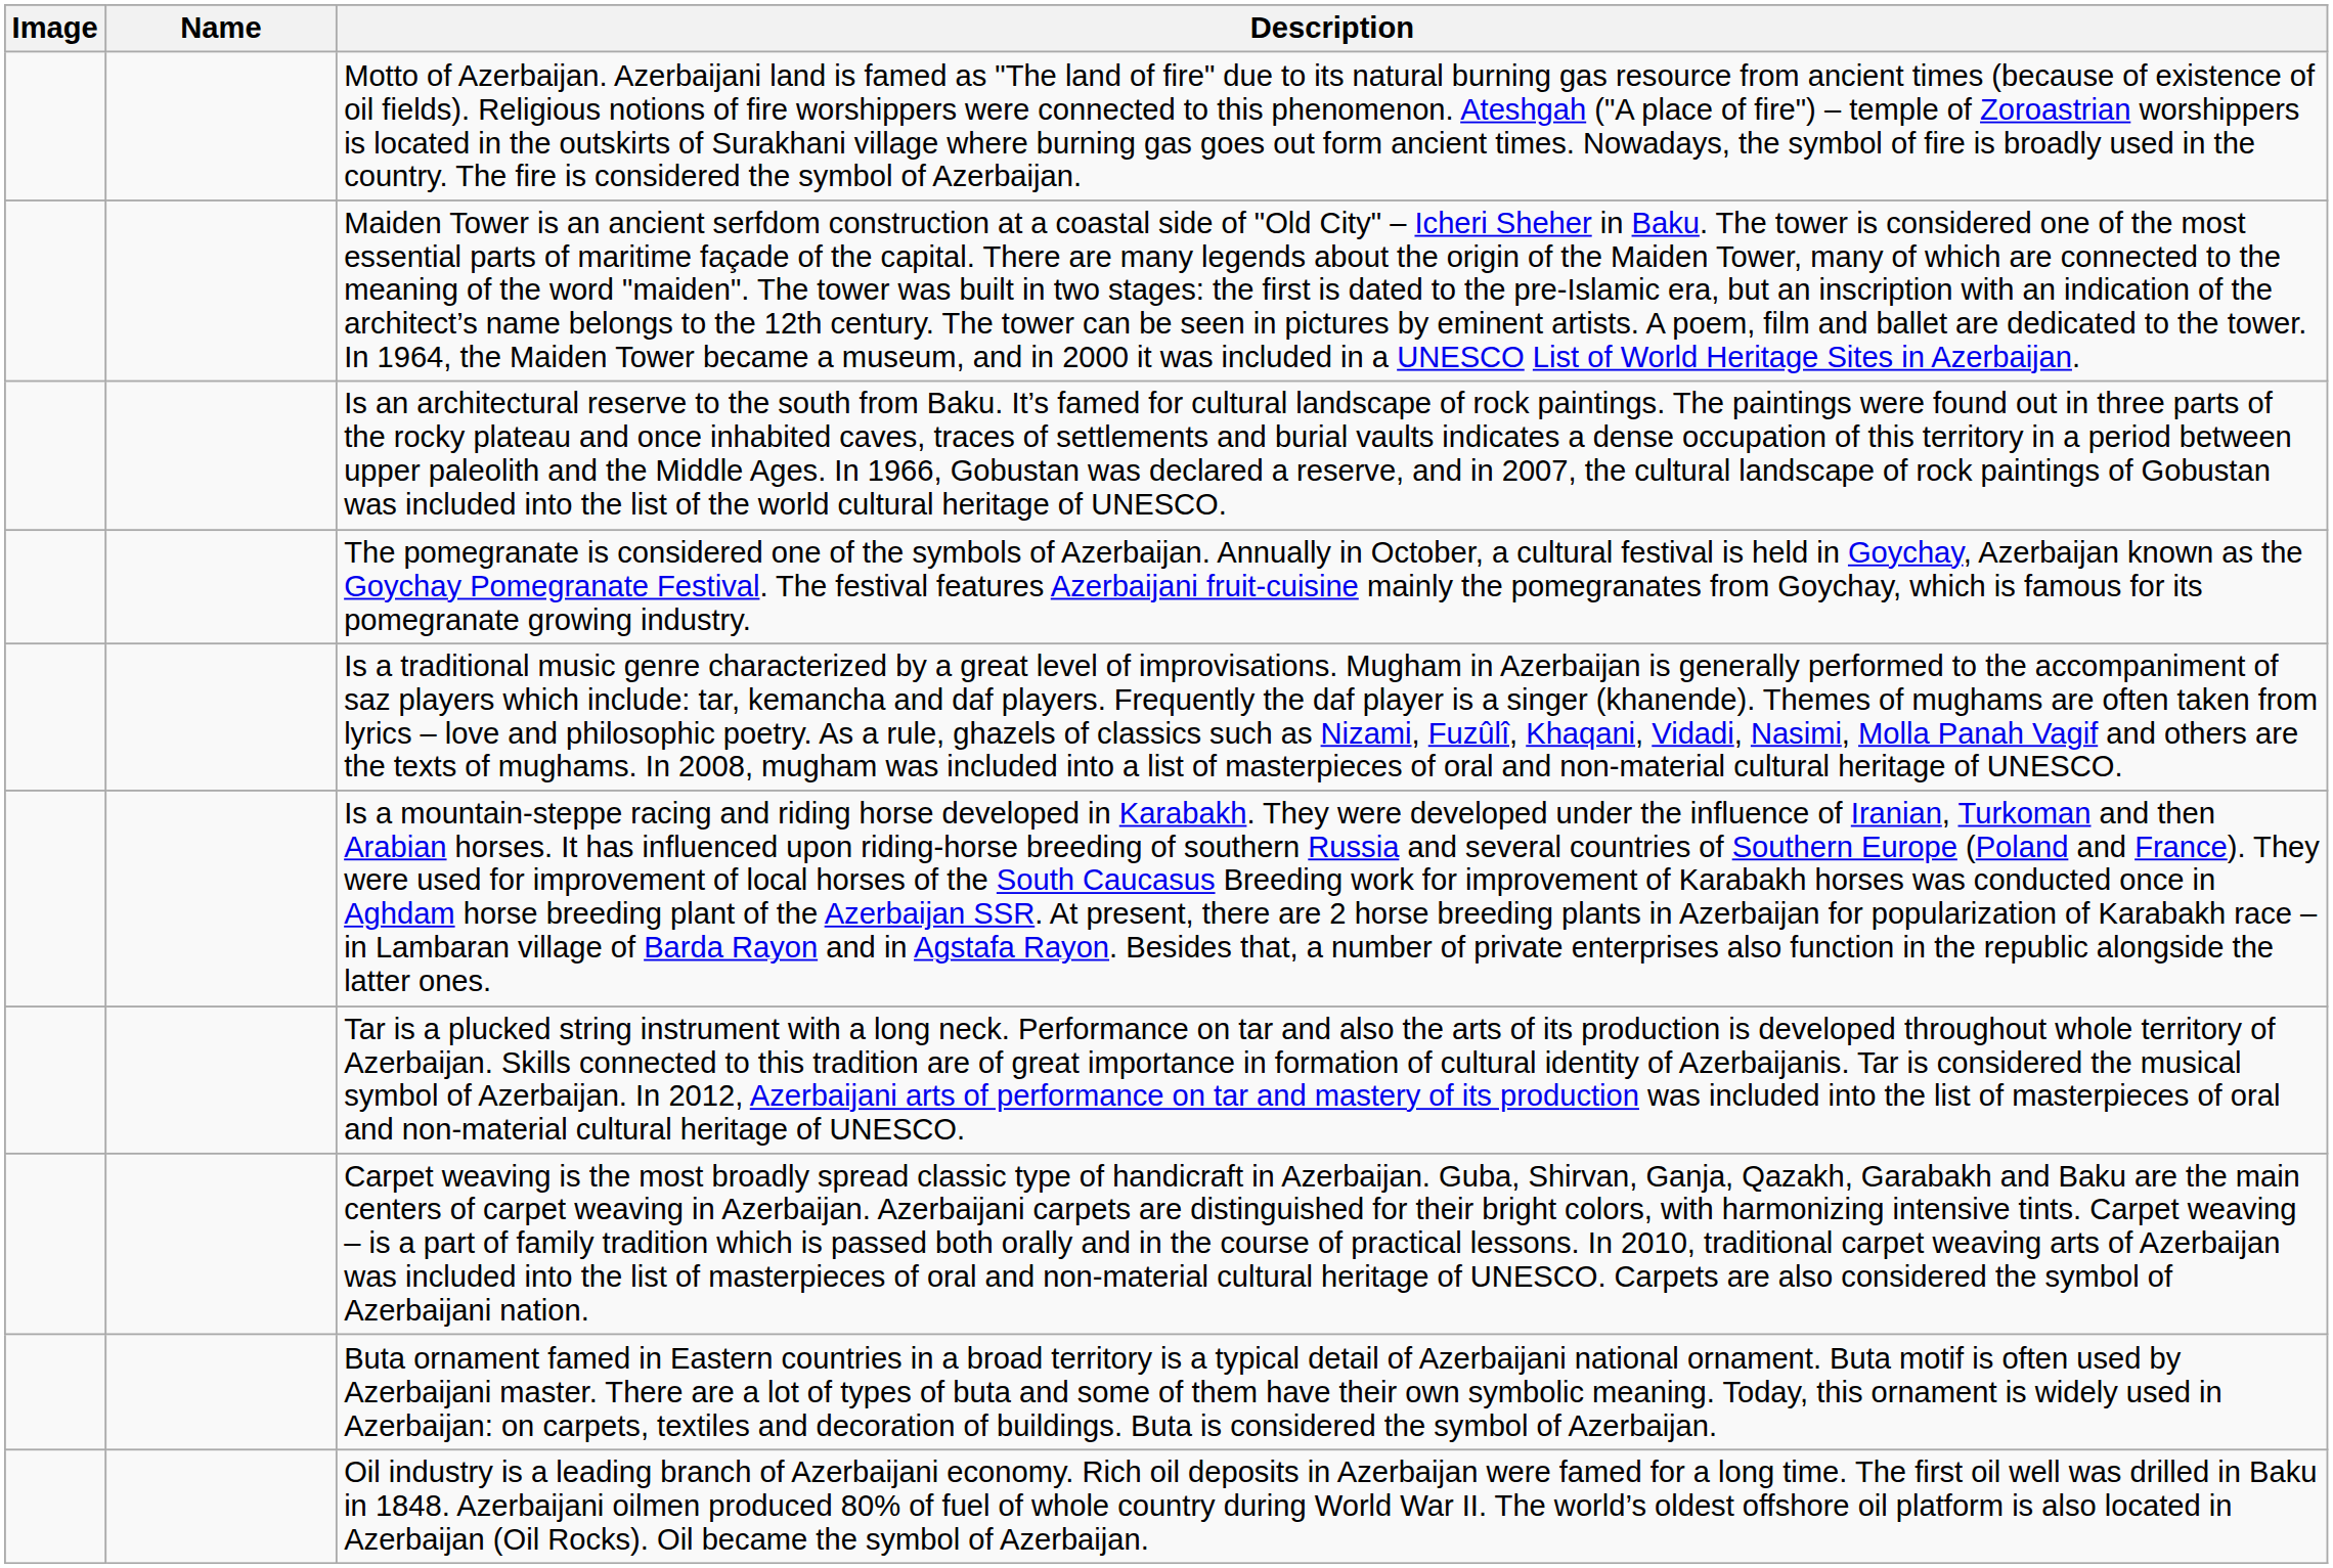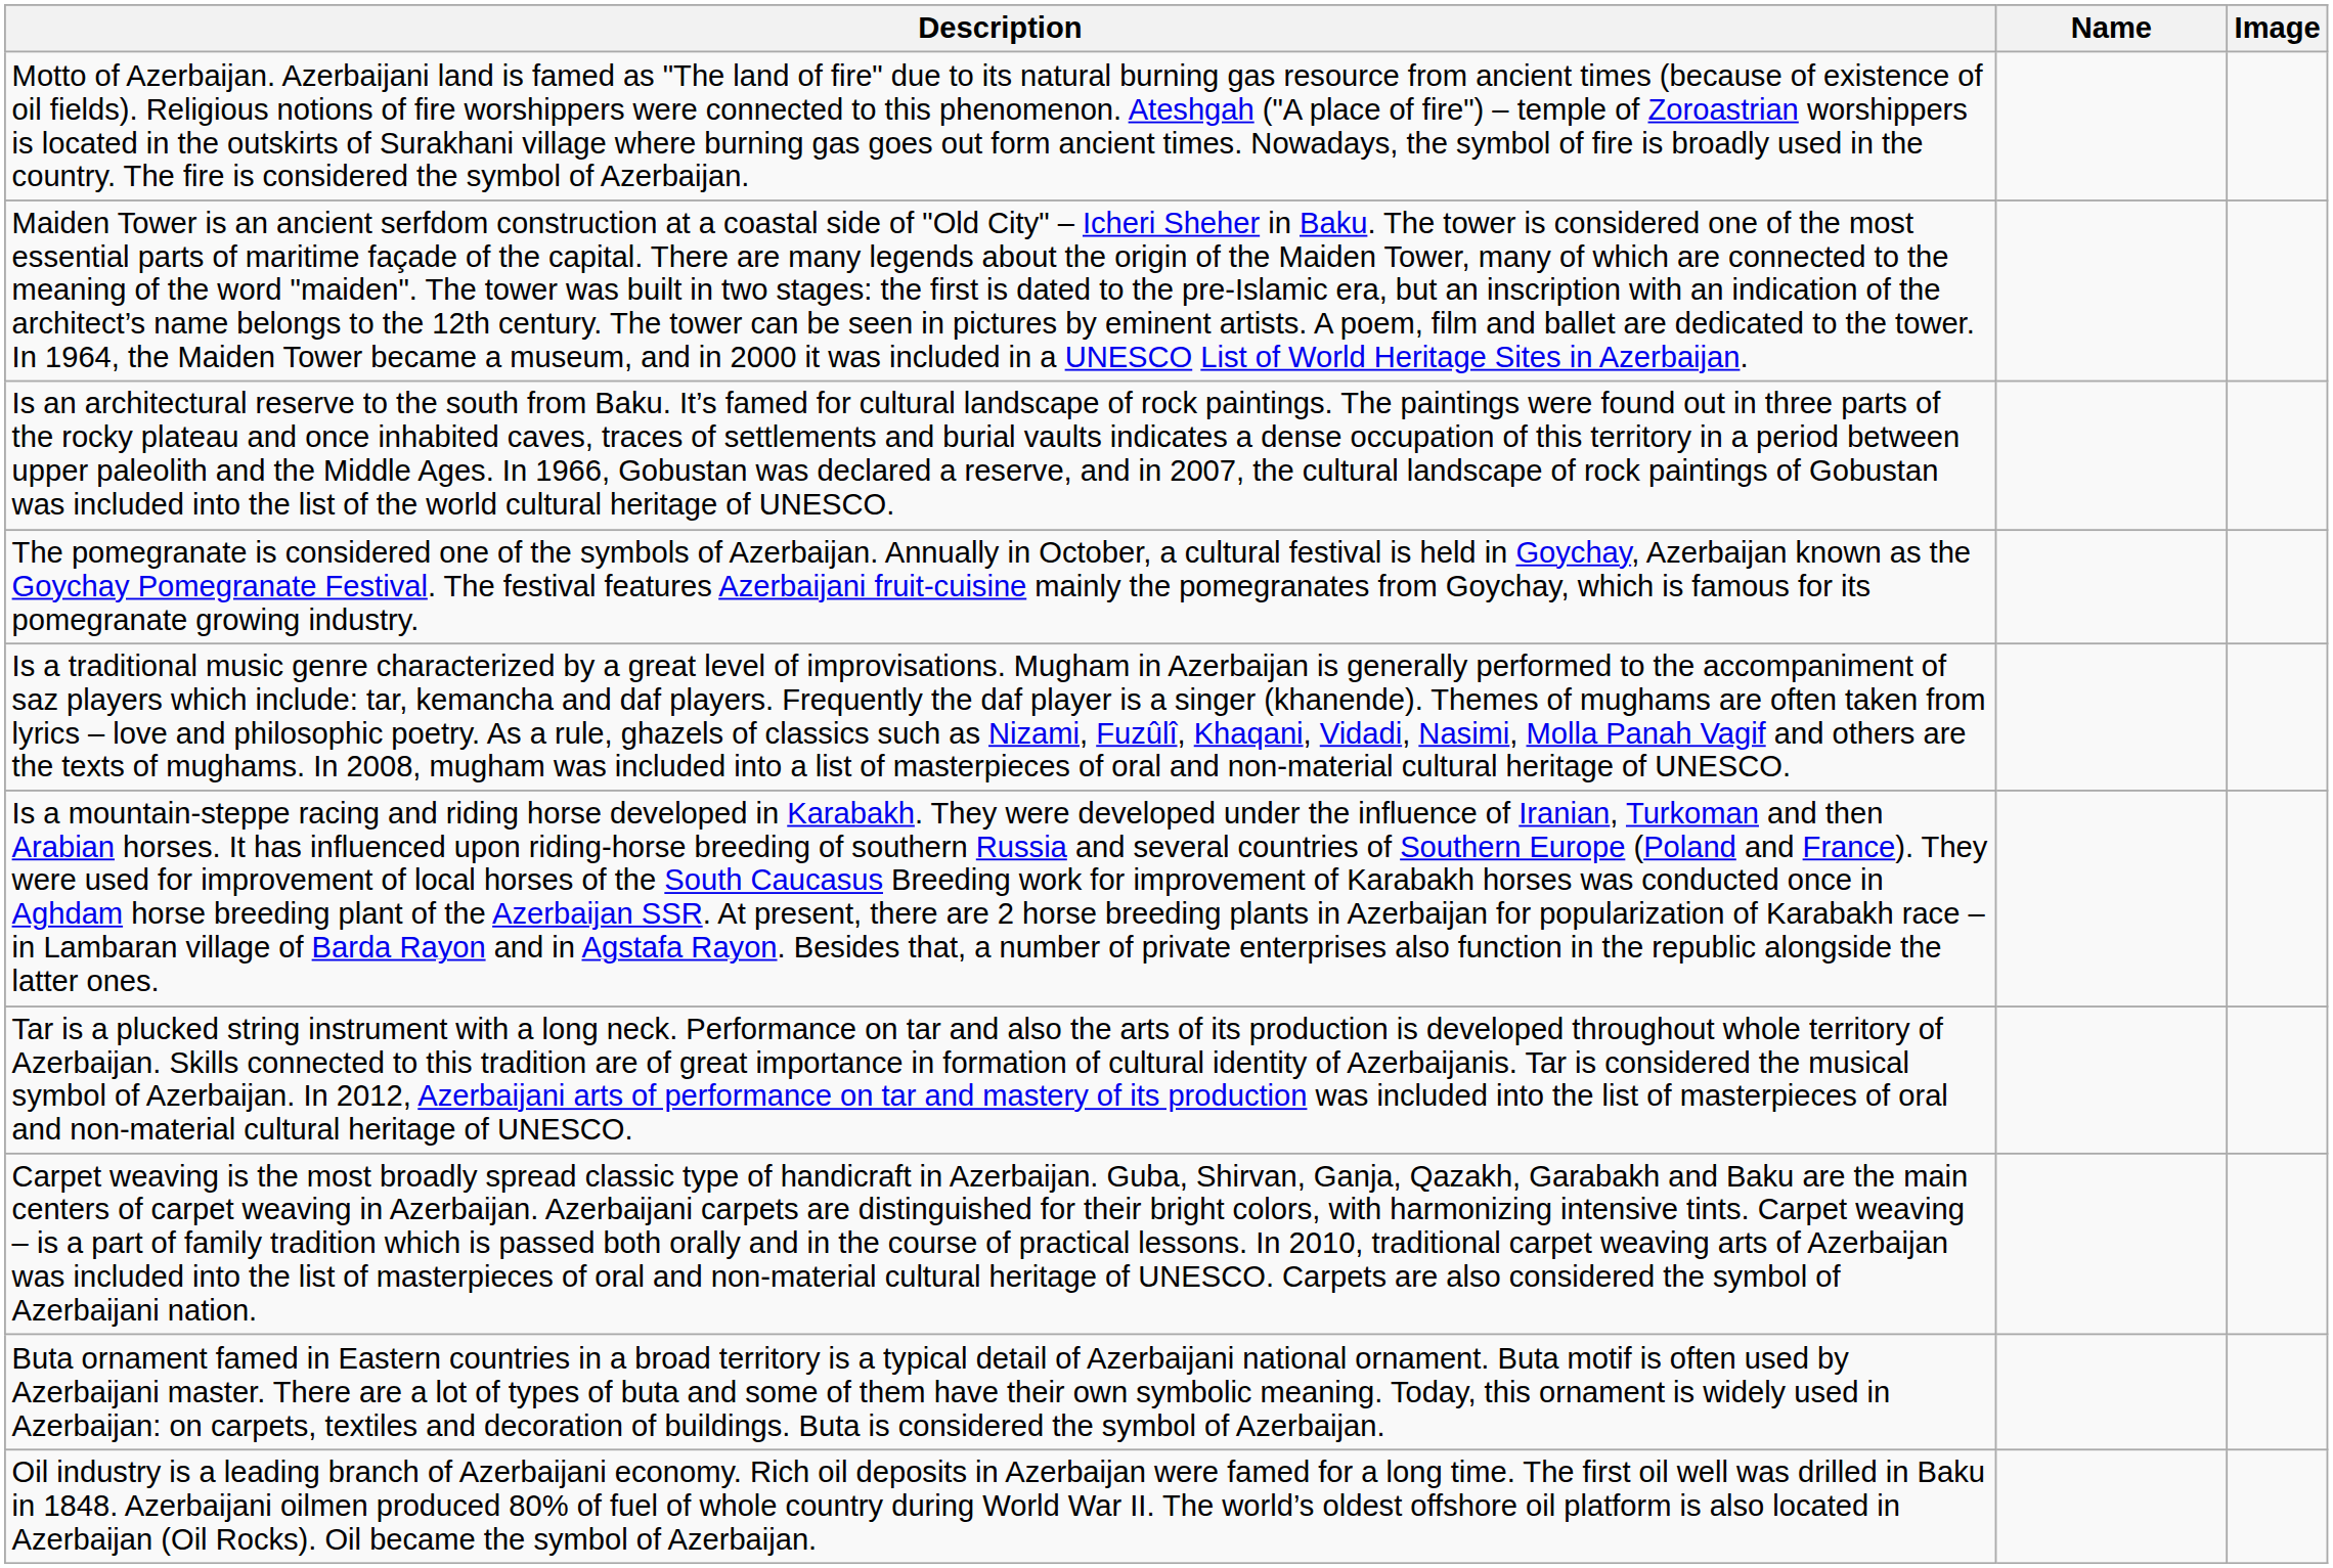 <table class="wikitable">
 <tr>
+<th>Description</th>
+<th width=10%>Name</th>
 <th>Image</th>
-<th width=10%>Name</th>
-<th>Description</th>
 </tr>
 <tr>
+<td>Motto of Azerbaijan. Azerbaijani land is famed as "The land of fire" due to its natural burning gas resource from ancient times (because of existence of oil fields). Religious notions of fire worshippers were connected to this phenomenon. <a href='#'>Ateshgah</a> ("A place of fire") – temple of <a href='#'>Zoroastrian</a> worshippers is located in the outskirts of Surakhani village where burning gas goes out form ancient times. Nowadays, the symbol of fire is broadly used in the country. The fire is considered the symbol of Azerbaijan.</td>
 <td></td>
 <td></td>
-<td>Motto of Azerbaijan. Azerbaijani land is famed as "The land of fire" due to its natural burning gas resource from ancient times (because of existence of oil fields). Religious notions of fire worshippers were connected to this phenomenon. <a href='#'>Ateshgah</a> ("A place of fire") – temple of <a href='#'>Zoroastrian</a> worshippers is located in the outskirts of Surakhani village where burning gas goes out form ancient times. Nowadays, the symbol of fire is broadly used in the country. The fire is considered the symbol of Azerbaijan.</td>
 </tr>
 <tr>
+<td>Maiden Tower is an ancient serfdom construction at a coastal side of "Old City" – <a href='#'>Icheri Sheher</a> in <a href='#'>Baku</a>. The tower is considered one of the most essential parts of maritime façade of the capital. There are many legends about the origin of the Maiden Tower, many of which are connected to the meaning of the word "maiden". The tower was built in two stages: the first is dated to the pre-Islamic era, but an inscription with an indication of the architect’s name belongs to the 12th century. The tower can be seen in pictures by eminent artists. A poem, film and ballet are dedicated to the tower. In 1964, the Maiden Tower became a museum, and in 2000 it was included in a <a href='#'>UNESCO</a> <a href='#'>List of World Heritage Sites in Azerbaijan</a>.</td>
 <td></td>
 <td></td>
-<td>Maiden Tower is an ancient serfdom construction at a coastal side of "Old City" – <a href='#'>Icheri Sheher</a> in <a href='#'>Baku</a>. The tower is considered one of the most essential parts of maritime façade of the capital. There are many legends about the origin of the Maiden Tower, many of which are connected to the meaning of the word "maiden". The tower was built in two stages: the first is dated to the pre-Islamic era, but an inscription with an indication of the architect’s name belongs to the 12th century. The tower can be seen in pictures by eminent artists. A poem, film and ballet are dedicated to the tower. In 1964, the Maiden Tower became a museum, and in 2000 it was included in a <a href='#'>UNESCO</a> <a href='#'>List of World Heritage Sites in Azerbaijan</a>.</td>
 </tr>
 <tr>
+<td>Is an architectural reserve to the south from Baku. It’s famed for cultural landscape of rock paintings. The paintings were found out in three parts of the rocky plateau and once inhabited caves, traces of settlements and burial vaults indicates a dense occupation of this territory in a period between upper paleolith and the Middle Ages. In 1966, Gobustan was declared a reserve, and in 2007, the cultural landscape of rock paintings of Gobustan was included into the list of the world cultural heritage of UNESCO.</td>
 <td></td>
 <td></td>
-<td>Is an architectural reserve to the south from Baku. It’s famed for cultural landscape of rock paintings. The paintings were found out in three parts of the rocky plateau and once inhabited caves, traces of settlements and burial vaults indicates a dense occupation of this territory in a period between upper paleolith and the Middle Ages. In 1966, Gobustan was declared a reserve, and in 2007, the cultural landscape of rock paintings of Gobustan was included into the list of the world cultural heritage of UNESCO.</td>
 </tr>
 <tr>
+<td>The pomegranate is considered one of the symbols of Azerbaijan. Annually in October, a cultural festival is held in <a href='#'>Goychay</a>, Azerbaijan known as the <a href='#'>Goychay Pomegranate Festival</a>. The festival features <a href='#'>Azerbaijani fruit-cuisine</a> mainly the pomegranates from Goychay, which is famous for its pomegranate growing industry.</td>
 <td></td>
 <td></td>
-<td>The pomegranate is considered one of the symbols of Azerbaijan. Annually in October, a cultural festival is held in <a href='#'>Goychay</a>, Azerbaijan known as the <a href='#'>Goychay Pomegranate Festival</a>. The festival features <a href='#'>Azerbaijani fruit-cuisine</a> mainly the pomegranates from Goychay, which is famous for its pomegranate growing industry.</td>
 </tr>
 <tr>
+<td>Is a traditional music genre characterized by a great level of improvisations. Mugham in Azerbaijan is generally performed to the accompaniment of saz players which include: tar, kemancha and daf players. Frequently the daf player is a singer (khanende). Themes of mughams are often taken from lyrics – love and philosophic poetry. As a rule, ghazels of classics such as <a href='#'>Nizami</a>, <a href='#'>Fuzûlî</a>, <a href='#'>Khaqani</a>, <a href='#'>Vidadi</a>, <a href='#'>Nasimi</a>, <a href='#'>Molla Panah Vagif</a> and others are the texts of mughams. In 2008, mugham was included into a list of masterpieces of oral and non-material cultural heritage of UNESCO.</td>
 <td></td>
 <td></td>
-<td>Is a traditional music genre characterized by a great level of improvisations. Mugham in Azerbaijan is generally performed to the accompaniment of saz players which include: tar, kemancha and daf players. Frequently the daf player is a singer (khanende). Themes of mughams are often taken from lyrics – love and philosophic poetry. As a rule, ghazels of classics such as <a href='#'>Nizami</a>, <a href='#'>Fuzûlî</a>, <a href='#'>Khaqani</a>, <a href='#'>Vidadi</a>, <a href='#'>Nasimi</a>, <a href='#'>Molla Panah Vagif</a> and others are the texts of mughams. In 2008, mugham was included into a list of masterpieces of oral and non-material cultural heritage of UNESCO.</td>
 </tr>
 <tr>
+<td>Is a mountain-steppe racing and riding horse developed in <a href='#'>Karabakh</a>. They were developed under the influence of <a href='#'>Iranian</a>, <a href='#'>Turkoman</a> and then <a href='#'>Arabian</a> horses. It has influenced upon riding-horse breeding of southern <a href='#'>Russia</a> and several countries of <a href='#'>Southern Europe</a> (<a href='#'>Poland</a> and <a href='#'>France</a>). They were used for improvement of local horses of the <a href='#'>South Caucasus</a> Breeding work for improvement of Karabakh horses was conducted once in <a href='#'>Aghdam</a> horse breeding plant of the <a href='#'>Azerbaijan SSR</a>. At present, there are 2 horse breeding plants in Azerbaijan for popularization of Karabakh race – in Lambaran village of <a href='#'>Barda Rayon</a> and in <a href='#'>Agstafa Rayon</a>. Besides that, a number of private enterprises also function in the republic alongside the latter ones.</td>
 <td></td>
 <td></td>
-<td>Is a mountain-steppe racing and riding horse developed in <a href='#'>Karabakh</a>. They were developed under the influence of <a href='#'>Iranian</a>, <a href='#'>Turkoman</a> and then <a href='#'>Arabian</a> horses. It has influenced upon riding-horse breeding of southern <a href='#'>Russia</a> and several countries of <a href='#'>Southern Europe</a> (<a href='#'>Poland</a> and <a href='#'>France</a>). They were used for improvement of local horses of the <a href='#'>South Caucasus</a> Breeding work for improvement of Karabakh horses was conducted once in <a href='#'>Aghdam</a> horse breeding plant of the <a href='#'>Azerbaijan SSR</a>. At present, there are 2 horse breeding plants in Azerbaijan for popularization of Karabakh race – in Lambaran village of <a href='#'>Barda Rayon</a> and in <a href='#'>Agstafa Rayon</a>. Besides that, a number of private enterprises also function in the republic alongside the latter ones.</td>
 </tr>
 <tr>
+<td>Tar is a plucked string instrument with a long neck. Performance on tar and also the arts of its production is developed throughout whole territory of Azerbaijan. Skills connected to this tradition are of great importance in formation of cultural identity of Azerbaijanis. Tar is considered the musical symbol of Azerbaijan. In 2012, <a href='#'>Azerbaijani arts of performance on tar and mastery of its production</a> was included into the list of masterpieces of oral and non-material cultural heritage of UNESCO.</td>
 <td></td>
 <td></td>
-<td>Tar is a plucked string instrument with a long neck. Performance on tar and also the arts of its production is developed throughout whole territory of Azerbaijan. Skills connected to this tradition are of great importance in formation of cultural identity of Azerbaijanis. Tar is considered the musical symbol of Azerbaijan. In 2012, <a href='#'>Azerbaijani arts of performance on tar and mastery of its production</a> was included into the list of masterpieces of oral and non-material cultural heritage of UNESCO.</td>
 </tr>
 <tr>
+<td>Carpet weaving is the most broadly spread classic type of handicraft in Azerbaijan. Guba, Shirvan, Ganja, Qazakh, Garabakh and Baku are the main centers of carpet weaving in Azerbaijan. Azerbaijani carpets are distinguished for their bright colors, with harmonizing intensive tints. Carpet weaving – is a part of family tradition which is passed both orally and in the course of practical lessons. In 2010, traditional carpet weaving arts of Azerbaijan was included into the list of masterpieces of oral and non-material cultural heritage of UNESCO. Carpets are also considered the symbol of Azerbaijani nation.</td>
 <td></td>
 <td></td>
-<td>Carpet weaving is the most broadly spread classic type of handicraft in Azerbaijan. Guba, Shirvan, Ganja, Qazakh, Garabakh and Baku are the main centers of carpet weaving in Azerbaijan. Azerbaijani carpets are distinguished for their bright colors, with harmonizing intensive tints. Carpet weaving – is a part of family tradition which is passed both orally and in the course of practical lessons. In 2010, traditional carpet weaving arts of Azerbaijan was included into the list of masterpieces of oral and non-material cultural heritage of UNESCO. Carpets are also considered the symbol of Azerbaijani nation.</td>
 </tr>
 <tr>
+<td>Buta ornament famed in Eastern countries in a broad territory is a typical detail of Azerbaijani national ornament. Buta motif is often used by Azerbaijani master. There are a lot of types of buta and some of them have their own symbolic meaning. Today, this ornament is widely used in Azerbaijan: on carpets, textiles and decoration of buildings. Buta is considered the symbol of Azerbaijan.</td>
 <td></td>
 <td></td>
-<td>Buta ornament famed in Eastern countries in a broad territory is a typical detail of Azerbaijani national ornament. Buta motif is often used by Azerbaijani master. There are a lot of types of buta and some of them have their own symbolic meaning. Today, this ornament is widely used in Azerbaijan: on carpets, textiles and decoration of buildings. Buta is considered the symbol of Azerbaijan.</td>
 </tr>
 <tr>
+<td>Oil industry is a leading branch of Azerbaijani economy. Rich oil deposits in Azerbaijan were famed for a long time. The first oil well was drilled in Baku in 1848. Azerbaijani oilmen produced 80% of fuel of whole country during World War II. The world’s oldest offshore oil platform is also located in Azerbaijan (Oil Rocks). Oil became the symbol of Azerbaijan.</td>
 <td></td>
 <td></td>
-<td>Oil industry is a leading branch of Azerbaijani economy. Rich oil deposits in Azerbaijan were famed for a long time. The first oil well was drilled in Baku in 1848. Azerbaijani oilmen produced 80% of fuel of whole country during World War II. The world’s oldest offshore oil platform is also located in Azerbaijan (Oil Rocks). Oil became the symbol of Azerbaijan.</td>
 </tr>
 </table>
